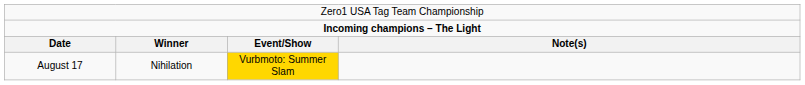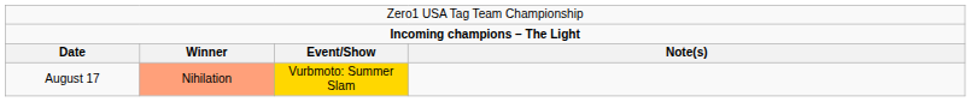 <table class="wikitable" style="text-align:center; width:100%;">
 <tr>
 <td colspan="4" style="text-align: center;">Zero1 USA Tag Team Championship</td>
 </tr>
 <tr>
 <td colspan="4" style="text-align: center;"><strong>Incoming champions – The Light </strong></td>
 </tr>
 <tr>
 <th width=14%>Date</th>
 <th width=14%>Winner</th>
 <th width=14%>Event/Show</th>
 <th width=58%>Note(s)</th>
 </tr>
 <tr>
 <td>August 17</td>
-<td>Nihilation<br></td>
+<td style="background: lightsalmon;">Nihilation<br></td>
 <td style="background: gold;">Vurbmoto: Summer Slam</td>
 <td></td>
 </tr>
 </table>
